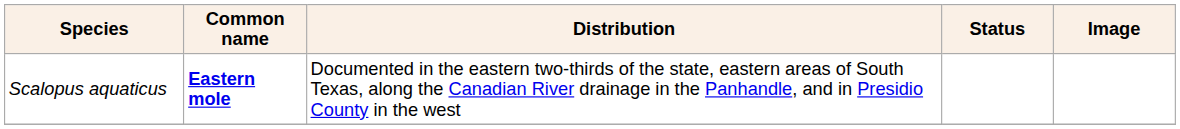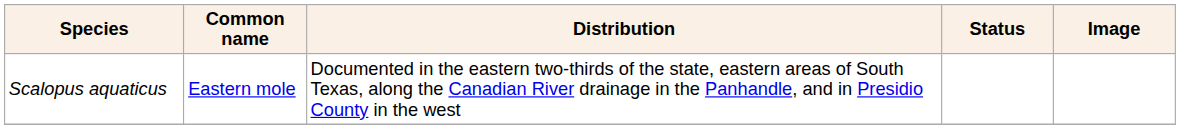 <table class="sortable wikitable plainrowheaders" border="0" style="background:#ffffff" align="top" class="sortable wikitable">
 <tr ->
 <th scope="col" style="background-color:Linen; color:Black" width=150 px>Species</th>
 <th scope="col" style="background-color:Linen; color:Black" width=100 px>Common name</th>
 <th scope="col" style="background:Linen; color:Black" width=550 px>Distribution</th>
 <th scope="col" style="background-color:Linen; color:Black" width=90 px>Status</th>
 <th scope="col" style="background:Linen; color:Black" width=100 px>Image</th>
 </tr>
 <tr>
 <td !scope="row" style="background:#ffffff"><em>Scalopus aquaticus</em></td>
-<td><strong><a href='#'>Eastern mole</a></strong></td>
+<td><a href='#'>Eastern mole</a></td>
 <td>Documented in the eastern two-thirds of the state, eastern areas of South Texas, along the <a href='#'>Canadian River</a> drainage in the <a href='#'>Panhandle</a>, and in <a href='#'>Presidio County</a> in the west</td>
 <td></td>
 <td></td>
 </tr>
 <tr>
 </tr>
 </table>
